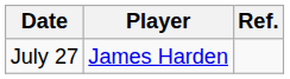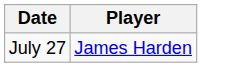 <table class="wikitable sortable sortable" style="text-align: center">
 <tr>
 <th>Date</th>
 <th>Player</th>
-<th>Ref.</th>
 </tr>
 <tr>
 <td>July 27</td>
 <td><a href='#'>James Harden</a></td>
-<td></td>
 </tr>
 </table>
